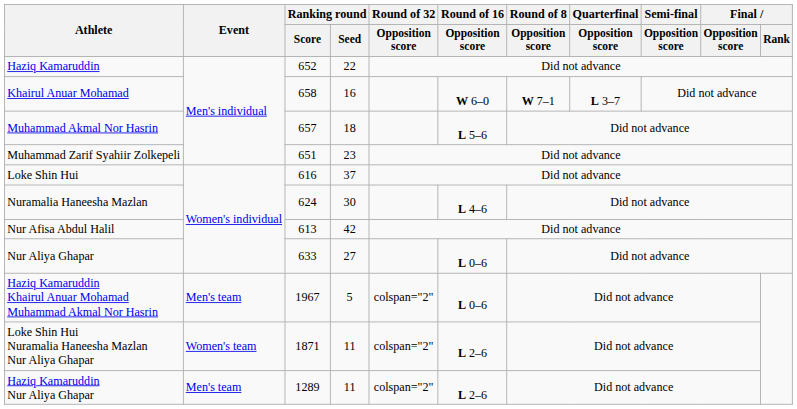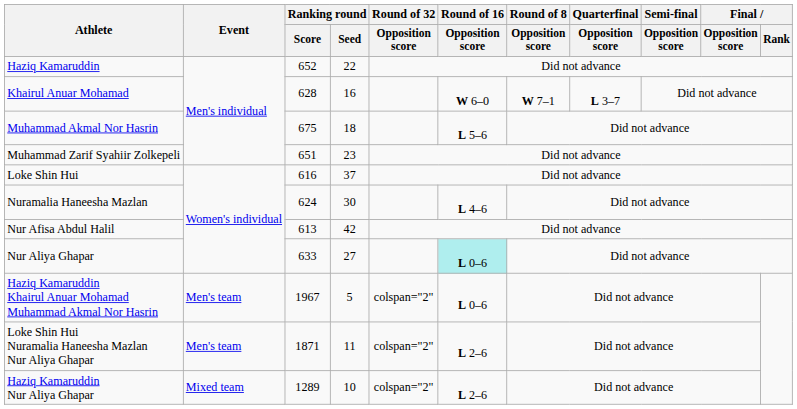 <table class="wikitable" style="text-align:center;font-size:90%">
 <tr>
 <th rowspan="2">Athlete</th>
 <th rowspan="2">Event</th>
 <th colspan="2">Ranking round</th>
 <th>Round of 32</th>
 <th>Round of 16</th>
 <th>Round of 8</th>
 <th>Quarterfinal</th>
 <th>Semi-final</th>
 <th colspan="2">Final / </th>
 </tr>
 <tr style="font-size:95%">
 <th>Score</th>
 <th>Seed</th>
 <th>Opposition<br>score</th>
 <th>Opposition<br>score</th>
 <th>Opposition<br>score</th>
 <th>Opposition<br>score</th>
 <th>Opposition<br>score</th>
 <th>Opposition<br>score</th>
 <th>Rank</th>
 </tr>
 <tr>
 <td align="left"><a href='#'>Haziq Kamaruddin</a></td>
 <td align="left" rowspan="4"><a href='#'>Men's individual</a></td>
 <td>652</td>
 <td>22</td>
 <td colspan="7">Did not advance</td>
 </tr>
 <tr>
 <td align=left><a href='#'>Khairul Anuar Mohamad</a></td>
-<td>658</td>
+<td>628</td>
 <td>16 <strong></strong></td>
 <td></td>
 <td><br><strong>W</strong> 6–0</td>
 <td><br><strong>W</strong> 7–1</td>
 <td><br><strong>L</strong> 3–7</td>
 <td colspan=3>Did not advance</td>
 </tr>
 <tr>
 <td align="left"><a href='#'>Muhammad Akmal Nor Hasrin</a></td>
-<td>657</td>
+<td>675</td>
 <td>18 <strong></strong></td>
 <td></td>
 <td><br><strong>L</strong> 5–6</td>
 <td colspan="5">Did not advance</td>
 </tr>
 <tr>
 <td align="left">Muhammad Zarif Syahiir Zolkepeli</td>
 <td>651</td>
 <td>23</td>
 <td colspan="7">Did not advance</td>
 </tr>
 <tr>
 <td align="left">Loke Shin Hui</td>
 <td align="left" rowspan="4"><a href='#'>Women's individual</a></td>
 <td>616</td>
 <td>37</td>
 <td colspan="7">Did not advance</td>
 </tr>
 <tr>
 <td align="left">Nuramalia Haneesha Mazlan</td>
 <td>624</td>
 <td>30 <strong></strong></td>
 <td></td>
 <td><br><strong>L</strong> 4–6</td>
 <td colspan="5">Did not advance</td>
 </tr>
 <tr>
 <td align="left">Nur Afisa Abdul Halil</td>
 <td>613</td>
 <td>42</td>
 <td colspan="7">Did not advance</td>
 </tr>
 <tr>
 <td align="left">Nur Aliya Ghapar</td>
 <td>633</td>
 <td>27 <strong></strong></td>
 <td></td>
-<td><br><strong>L</strong> 0–6</td>
+<td style="background: paleturquoise;"><br><strong>L</strong> 0–6</td>
 <td colspan="5">Did not advance</td>
 </tr>
 <tr>
 <td align="left"><a href='#'>Haziq Kamaruddin</a><br><a href='#'>Khairul Anuar Mohamad</a><br><a href='#'>Muhammad Akmal Nor Hasrin</a></td>
 <td align="left"><a href='#'>Men's team</a></td>
 <td>1967</td>
 <td>5 <strong></strong></td>
 <td>colspan="2" </td>
 <td><br><strong>L</strong> 0–6</td>
 <td colspan="4">Did not advance</td>
 </tr>
 <tr>
 <td align="left">Loke Shin Hui<br>Nuramalia Haneesha Mazlan<br>Nur Aliya Ghapar</td>
-<td align="left"><a href='#'>Women's team</a></td>
+<td align="left"><a href='#'>Men's team</a></td>
 <td>1871</td>
 <td>11 <strong></strong></td>
 <td>colspan="2" </td>
 <td><br><strong>L</strong> 2–6</td>
 <td colspan="4">Did not advance</td>
 </tr>
 <tr>
 <td align="left"><a href='#'>Haziq Kamaruddin</a><br>Nur Aliya Ghapar</td>
-<td align="left"><a href='#'>Men's team</a></td>
+<td align="left"><a href='#'>Mixed team</a></td>
 <td>1289</td>
-<td>11 <strong></strong></td>
+<td>10 <strong></strong></td>
 <td>colspan="2" </td>
 <td><br><strong>L</strong> 2–6</td>
 <td colspan="4">Did not advance</td>
 </tr>
 </table>
